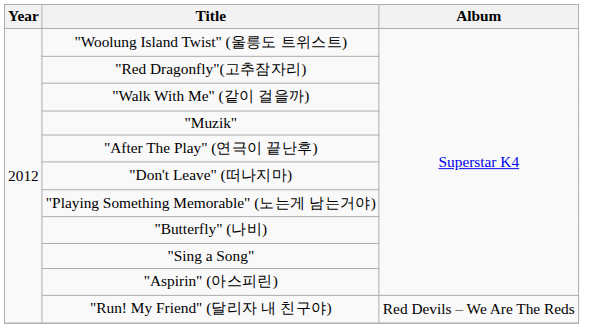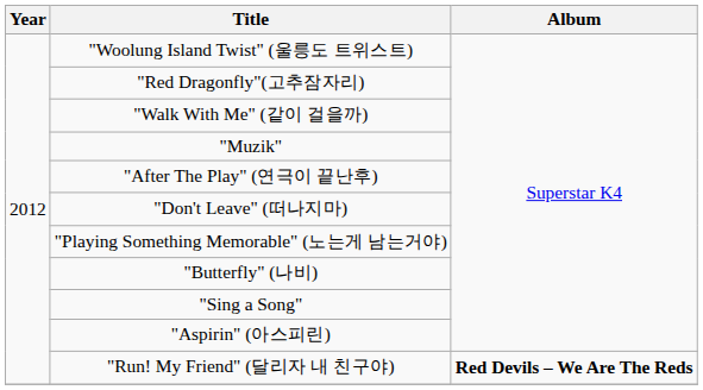 <table class="wikitable" style="text-align:center;">
 <tr>
 <th>Year</th>
 <th>Title</th>
 <th>Album</th>
 </tr>
 <tr>
 <td rowspan="11">2012</td>
 <td>"Woolung Island Twist" (울릉도 트위스트)</td>
 <td rowspan="10"><a href='#'>Superstar K4</a></td>
 </tr>
 <tr>
 <td>"Red Dragonfly"(고추잠자리)</td>
 </tr>
 <tr>
 <td>"Walk With Me" (같이 걸을까)</td>
 </tr>
 <tr>
 <td>"Muzik"</td>
 </tr>
 <tr>
 <td>"After The Play" (연극이 끝난후)</td>
 </tr>
 <tr>
 <td>"Don't Leave" (떠나지마)</td>
 </tr>
 <tr>
 <td>"Playing Something Memorable" (노는게 남는거야)</td>
 </tr>
 <tr>
 <td>"Butterfly" (나비)</td>
 </tr>
 <tr>
 <td>"Sing a Song"</td>
 </tr>
 <tr>
 <td>"Aspirin" (아스피린)</td>
 </tr>
 <tr>
 <td>"Run! My Friend" (달리자 내 친구야)</td>
-<td>Red Devils – We Are The Reds</td>
+<td><strong>Red Devils – We Are The Reds</strong></td>
 </tr>
 <tr>
 </tr>
 </table>
